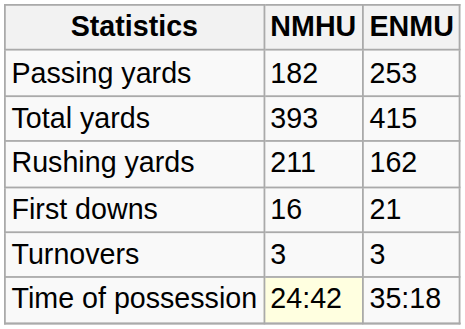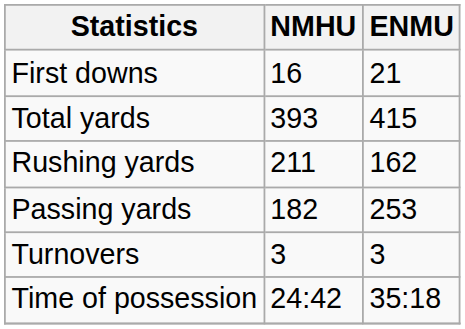 <table class="wikitable">
 <tr>
 <th>Statistics</th>
 <th>NMHU</th>
 <th>ENMU</th>
 </tr>
 <tr>
-<td>Passing yards</td>
-<td>182</td>
-<td>253</td>
+<td>First downs</td>
+<td>16</td>
+<td>21</td>
 </tr>
 <tr>
 <td>Total yards</td>
 <td>393</td>
 <td>415</td>
 </tr>
 <tr>
 <td>Rushing yards</td>
 <td>211</td>
 <td>162</td>
 </tr>
 <tr>
-<td>First downs</td>
-<td>16</td>
-<td>21</td>
+<td>Passing yards</td>
+<td>182</td>
+<td>253</td>
 </tr>
 <tr>
 <td>Turnovers</td>
 <td>3</td>
 <td>3</td>
 </tr>
 <tr>
 <td>Time of possession</td>
-<td style="background: lightyellow;">24:42</td>
+<td>24:42</td>
 <td>35:18</td>
 </tr>
 <tr>
 </tr>
 </table>
